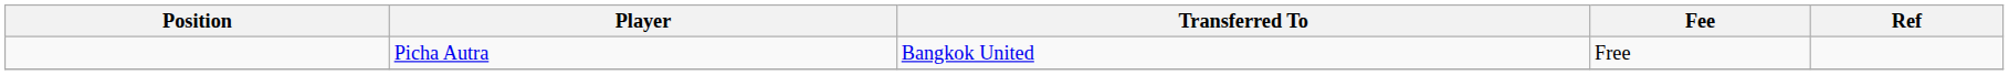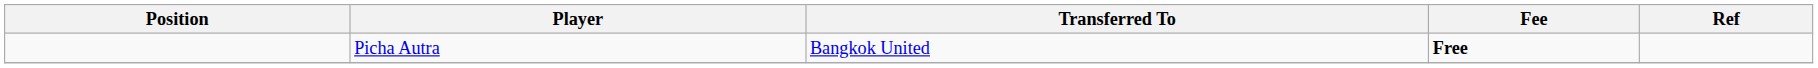 <table class="wikitable sortable" style="width:80%; text-align:center; font-size:100%; text-align:left;">
 <tr>
 <th>Position</th>
 <th>Player</th>
 <th>Transferred To</th>
 <th>Fee</th>
 <th>Ref</th>
 </tr>
 <tr>
 <td></td>
 <td> <a href='#'>Picha Autra</a></td>
 <td> <a href='#'>Bangkok United</a></td>
-<td>Free</td>
+<td><strong>Free</strong></td>
 <td></td>
 </tr>
 <tr>
 </tr>
 </table>
